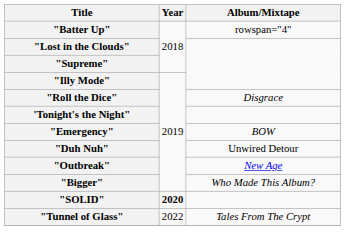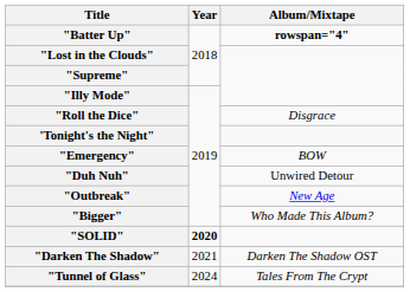 <table class="wikitable plainrowheaders" style="text-align:center;">
 <tr>
 <th rowspan="1.5" scope="col" style="width:14em;">Title</th>
 <th rowspan="1.5" scope="col">Year</th>
 <th rowspan="1.5" scope="col" style="width:14em;">Album/Mixtape</th>
 </tr>
 <tr>
 <th scope="row">"Batter Up"<br></th>
 <td rowspan="3">2018</td>
-<td>rowspan="4" </td>
+<td><strong>rowspan="4" </strong></td>
 </tr>
 <tr>
 <th scope="row">"Lost in the Clouds"<br></th>
 </tr>
 <tr>
 <th scope="row">"Supreme"<br></th>
 </tr>
 <tr>
 <th scope="row">"Illy Mode"<br></th>
 <td rowspan="7">2019</td>
 </tr>
 <tr>
 <th scope="row">"Roll the Dice"<br></th>
 <td rowspan="1"><em>Disgrace</em></td>
 </tr>
 <tr>
 <th scope="row">'Tonight's the Night"<br></th>
 <td></td>
 </tr>
 <tr>
 <th scope="row">"Emergency"<br></th>
 <td><em>BOW</em></td>
 </tr>
 <tr>
 <th scope="row">"Duh Nuh"<br></th>
 <td rowspan="1">Unwired Detour</td>
 </tr>
 <tr>
 <th scope="row">"Outbreak"<br></th>
 <td rowspan="1"><em><a href='#'>New Age</a></em></td>
 </tr>
 <tr>
 <th scope="row">"Bigger"<br></th>
 <td rowspan="1"><em>Who Made This Album?</em></td>
 </tr>
 <tr>
 <th scope="row">"SOLID"<br></th>
 <td rowspan="1"><strong>2020</strong></td>
 <td></td>
 </tr>
 <tr>
+<th scope="row">"Darken The Shadow"<br></th>
+<td rowspan="1">2021</td>
+<td rowspan="1"><em>Darken The Shadow OST</em></td>
+</tr>
+<tr>
 <th scope="row">"Tunnel of Glass"<br></th>
-<td rowspan="1">2022</td>
+<td rowspan="1">2024</td>
 <td rowspan="1"><em>Tales From The Crypt</em></td>
 </tr>
 <tr>
 </tr>
 </table>
